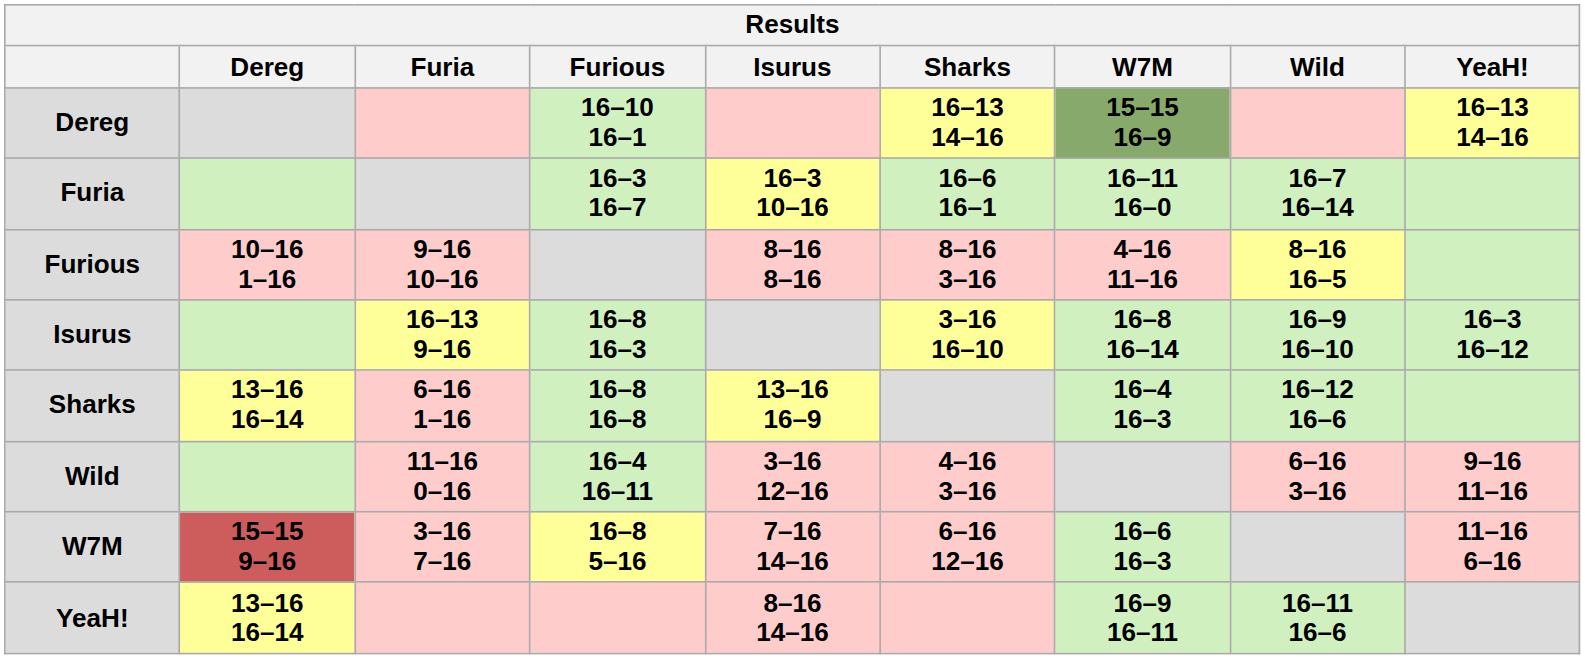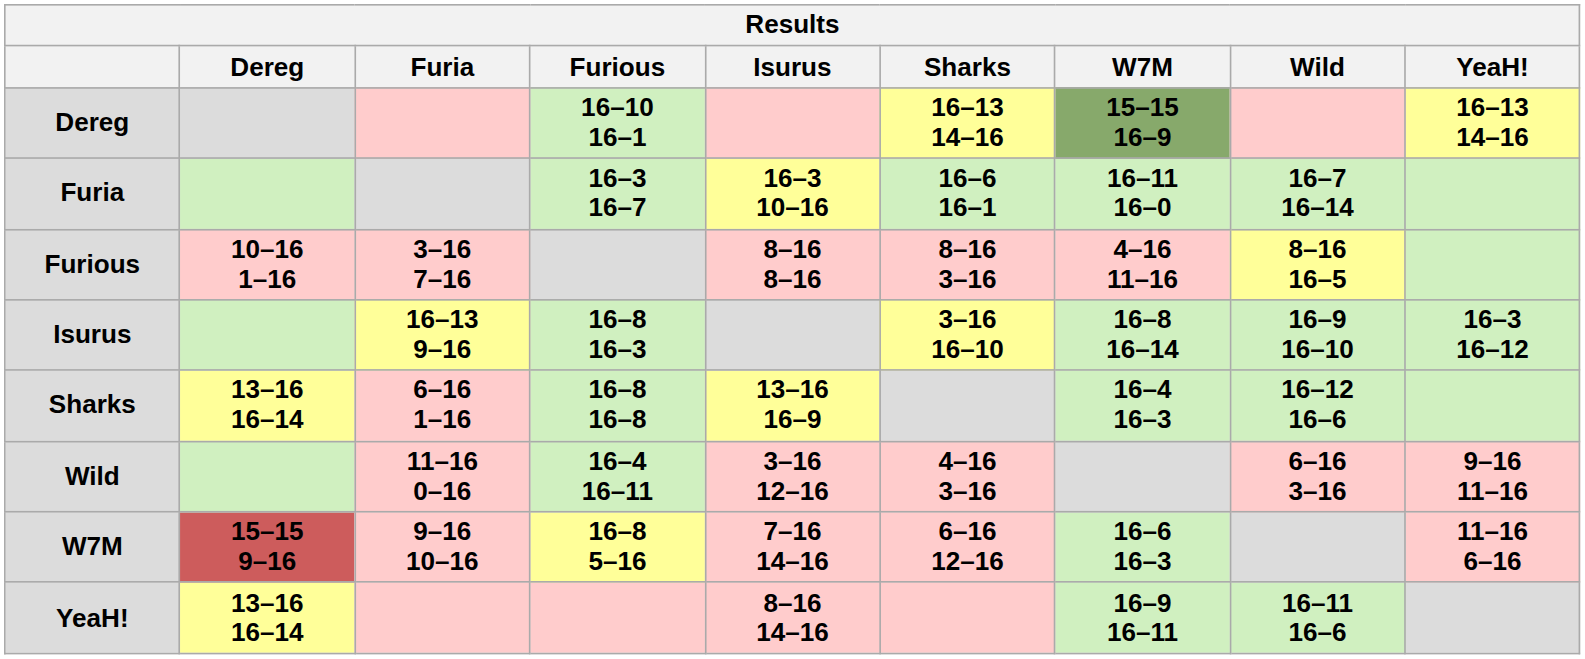 <table class="wikitable" style="text-align: center;">
 <tr>
 <th colspan=9>Results</th>
 </tr>
 <tr>
 <th width="100px"></th>
 <th width="100px">Dereg</th>
 <th width="100px">Furia</th>
 <th width="100px">Furious</th>
 <th width="100px">Isurus</th>
 <th width="100px">Sharks</th>
 <th width="100px">W7M</th>
 <th width="100px">Wild</th>
 <th width="100px">YeaH!</th>
 </tr>
 <tr>
 <td style="background: #DCDCDC;"><strong>Dereg</strong></td>
 <td style="background: #DCDCDC;"></td>
 <td style="background: #FFCCCC;"></td>
 <td style="background: #D0F0C0;"><strong>16–10<br>16–1</strong></td>
 <td style="background: #FFCCCC;"></td>
 <td style="background: #FFFF99;"><strong>16–13<br>14–16</strong></td>
 <td style="background: #87A96B;"><strong>15–15<br>16–9</strong></td>
 <td style="background: #FFCCCC;"></td>
 <td style="background: #FFFF99;"><strong>16–13<br>14–16</strong></td>
 </tr>
 <tr>
 <td style="background: #DCDCDC;"><strong>Furia</strong></td>
 <td style="background: #D0F0C0;"></td>
 <td style="background: #DCDCDC;"></td>
 <td style="background: #D0F0C0;"><strong>16–3<br>16–7</strong></td>
 <td style="background: #FFFF99;"><strong>16–3<br>10–16</strong></td>
 <td style="background: #D0F0C0;"><strong>16–6<br>16–1</strong></td>
 <td style="background: #D0F0C0;"><strong>16–11<br>16–0</strong></td>
 <td style="background: #D0F0C0;"><strong>16–7<br>16–14</strong></td>
 <td style="background: #D0F0C0;"></td>
 </tr>
 <tr>
 <td style="background: #DCDCDC;"><strong>Furious</strong></td>
 <td style="background: #FFCCCC;"><strong>10–16<br>1–16</strong></td>
-<td style="background: #FFCCCC;"><strong>9–16<br>10–16</strong></td>
+<td style="background: #FFCCCC;"><strong>3–16<br>7–16</strong></td>
 <td style="background: #DCDCDC;"></td>
 <td style="background: #FFCCCC;"><strong>8–16<br>8–16</strong></td>
 <td style="background: #FFCCCC;"><strong>8–16<br>3–16</strong></td>
 <td style="background: #FFCCCC;"><strong>4–16<br>11–16</strong></td>
 <td style="background: #FFFF99;"><strong>8–16<br>16–5</strong></td>
 <td style="background: #D0F0C0;"></td>
 </tr>
 <tr>
 <td style="background: #DCDCDC;"><strong>Isurus</strong></td>
 <td style="background: #D0F0C0;"></td>
 <td style="background: #FFFF99;"><strong>16–13<br>9–16</strong></td>
 <td style="background: #D0F0C0;"><strong>16–8<br>16–3</strong></td>
 <td style="background: #DCDCDC;"></td>
 <td style="background: #FFFF99;"><strong>3–16<br>16–10</strong></td>
 <td style="background: #D0F0C0;"><strong>16–8<br>16–14</strong></td>
 <td style="background: #D0F0C0;"><strong>16–9<br>16–10</strong></td>
 <td style="background: #D0F0C0;"><strong>16–3<br>16–12</strong></td>
 </tr>
 <tr>
 <td style="background: #DCDCDC;"><strong>Sharks</strong></td>
 <td style="background: #FFFF99;"><strong>13–16<br>16–14</strong></td>
 <td style="background: #FFCCCC;"><strong>6–16<br>1–16</strong></td>
 <td style="background: #D0F0C0;"><strong>16–8<br>16–8</strong></td>
 <td style="background: #FFFF99;"><strong>13–16<br>16–9</strong></td>
 <td style="background: #DCDCDC;"></td>
 <td style="background: #D0F0C0;"><strong>16–4<br>16–3</strong></td>
 <td style="background: #D0F0C0;"><strong>16–12<br>16–6</strong></td>
 <td style="background: #D0F0C0;"></td>
 </tr>
 <tr>
 <td style="background: #DCDCDC;"><strong>Wild</strong></td>
 <td style="background: #D0F0C0;"></td>
 <td style="background: #FFCCCC;"><strong>11–16<br>0–16</strong></td>
 <td style="background: #D0F0C0;"><strong>16–4<br>16–11</strong></td>
 <td style="background: #FFCCCC;"><strong>3–16<br>12–16</strong></td>
 <td style="background: #FFCCCC;"><strong>4–16<br>3–16</strong></td>
 <td style="background: #DCDCDC;"></td>
 <td style="background: #FFCCCC;"><strong>6–16<br>3–16</strong></td>
 <td style="background: #FFCCCC;"><strong>9–16<br>11–16</strong></td>
 </tr>
 <tr>
 <td style="background: #DCDCDC;"><strong>W7M</strong></td>
 <td style="background: #CD5C5C;"><strong>15–15<br>9–16</strong></td>
-<td style="background: #FFCCCC;"><strong>3–16<br>7–16</strong></td>
+<td style="background: #FFCCCC;"><strong>9–16<br>10–16</strong></td>
 <td style="background: #FFFF99;"><strong>16–8<br>5–16</strong></td>
 <td style="background: #FFCCCC;"><strong>7–16<br>14–16</strong></td>
 <td style="background: #FFCCCC;"><strong>6–16<br>12–16</strong></td>
 <td style="background: #D0F0C0;"><strong>16–6<br>16–3</strong></td>
 <td style="background: #DCDCDC;"></td>
 <td style="background: #FFCCCC;"><strong>11–16<br>6–16</strong></td>
 </tr>
 <tr>
 <td style="background: #DCDCDC;"><strong>YeaH!</strong></td>
 <td style="background: #FFFF99;"><strong>13–16<br>16–14</strong></td>
 <td style="background: #FFCCCC;"></td>
 <td style="background: #FFCCCC;"></td>
 <td style="background: #FFCCCC;"><strong>8–16<br>14–16</strong></td>
 <td style="background: #FFCCCC;"></td>
 <td style="background: #D0F0C0;"><strong>16–9<br>16–11</strong></td>
 <td style="background: #D0F0C0;"><strong>16–11<br>16–6</strong></td>
 <td style="background: #DCDCDC;"></td>
 </tr>
 </table>
